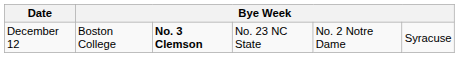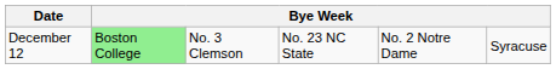 <table class="wikitable" style="font-size:95%;">
 <tr>
 <th>Date</th>
 <th colspan="8">Bye Week</th>
 </tr>
 <tr>
 <td>December 12</td>
-<td>Boston College</td>
-<td><strong>No. 3 Clemson</strong></td>
+<td style="background: lightgreen;">Boston College</td>
+<td>No. 3 Clemson</td>
 <td>No. 23 NC State</td>
 <td>No. 2 Notre Dame</td>
 <td>Syracuse</td>
 </tr>
 </table>
